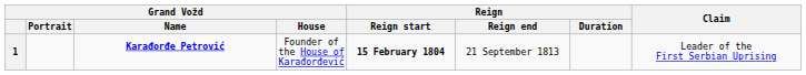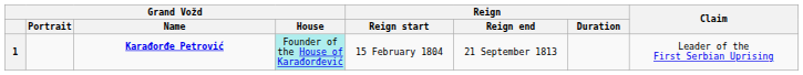 <table class="wikitable" style="text-align:center; width:90%">
 <tr>
 <th width=35% colspan=4>Grand Vožd</th>
 <th width=40% colspan=3>Reign</th>
 <th width=25% rowspan=2>Claim</th>
 </tr>
 <tr>
 <th width=3%></th>
 <th>Portrait</th>
 <th width=30%>Name<br></th>
 <th>House</th>
 <th>Reign start</th>
 <th>Reign end</th>
 <th>Duration</th>
 </tr>
 <tr>
 <th>1</th>
 <td></td>
 <td><strong><a href='#'>Karađorđe Petrović</a></strong><br><br></td>
-<td>Founder of the <a href='#'>House of Karađorđević</a></td>
-<td><strong>15 February 1804</strong></td>
+<td style="background: paleturquoise;">Founder of the <a href='#'>House of Karađorđević</a></td>
+<td>15 February 1804</td>
 <td>21 September 1813<br></td>
 <td></td>
 <td>Leader of the<br><a href='#'>First Serbian Uprising</a><br></td>
 </tr>
 </table>
